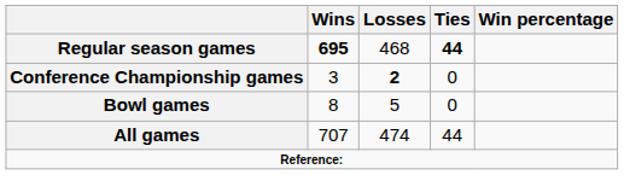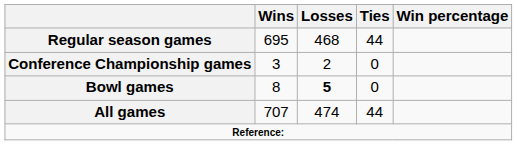 <table class="wikitable" style="text-align:center; margin:1em auto;">
 <tr>
 <th scope="col"></th>
 <th scope="col">Wins</th>
 <th scope="col">Losses</th>
 <th scope="col">Ties</th>
 <th scope="col">Win percentage</th>
 </tr>
 <tr>
 <th scope="row">Regular season games</th>
-<td><strong>695</strong></td>
+<td>695</td>
 <td>468</td>
-<td><strong>44</strong></td>
+<td>44</td>
 <td></td>
 </tr>
 <tr>
 <th scope="row">Conference Championship games</th>
 <td>3</td>
-<td><strong>2</strong></td>
+<td>2</td>
 <td>0</td>
 <td></td>
 </tr>
 <tr>
 <th scope="row">Bowl games</th>
 <td>8</td>
-<td>5</td>
+<td><strong>5</strong></td>
 <td>0</td>
 <td></td>
 </tr>
 <tr>
 <th scope="row">All games</th>
 <td>707</td>
 <td>474</td>
 <td>44</td>
 <td></td>
 </tr>
 <tr>
 <td colspan="5" style="font-size: 8pt; text-align:center;"><strong>Reference:</strong> </td>
 </tr>
 </table>
